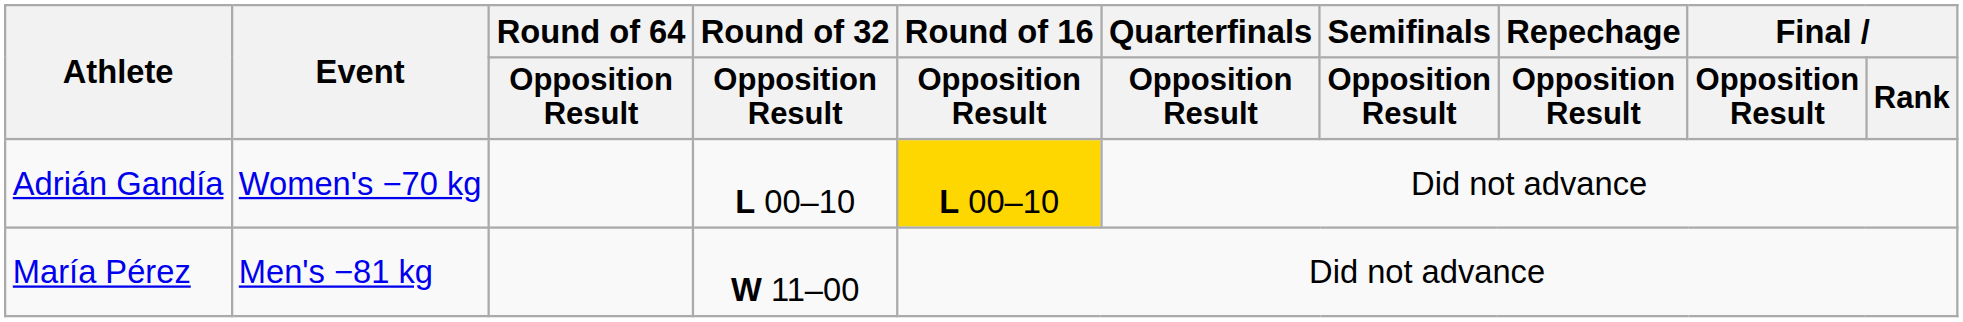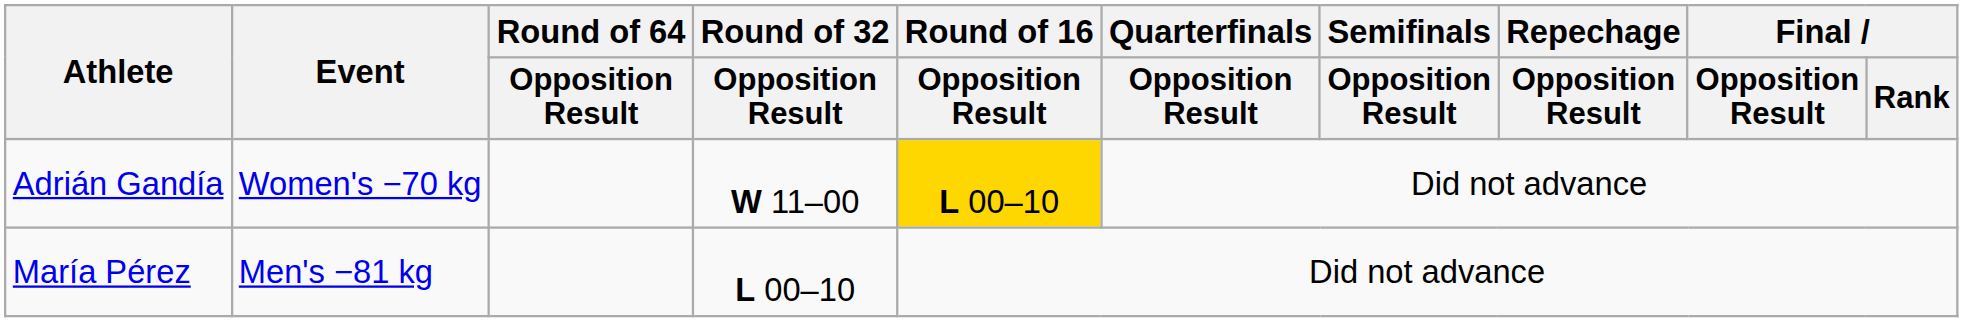 <table class=wikitable style="font-size:90%;text-align:center">
 <tr>
 <th rowspan=2>Athlete</th>
 <th rowspan=2>Event</th>
 <th>Round of 64</th>
 <th>Round of 32</th>
 <th>Round of 16</th>
 <th>Quarterfinals</th>
 <th>Semifinals</th>
 <th>Repechage</th>
 <th colspan=2>Final / </th>
 </tr>
 <tr style=font-size:95%>
 <th>Opposition<br>Result</th>
 <th>Opposition<br>Result</th>
 <th>Opposition<br>Result</th>
 <th>Opposition<br>Result</th>
 <th>Opposition<br>Result</th>
 <th>Opposition<br>Result</th>
 <th>Opposition<br>Result</th>
 <th>Rank</th>
 </tr>
 <tr>
 <td align=left><a href='#'>Adrián Gandía</a></td>
 <td align=left><a href='#'>Women's −70 kg</a></td>
 <td></td>
-<td><br><strong>L</strong> 00–10</td>
+<td><br><strong>W</strong> 11–00</td>
 <td style="background: gold;"><br><strong>L</strong> 00–10</td>
 <td colspan=6>Did not advance</td>
 </tr>
 <tr>
 <td align=left><a href='#'>María Pérez</a></td>
 <td align=left><a href='#'>Men's −81 kg</a></td>
 <td></td>
-<td><br><strong>W</strong> 11–00</td>
+<td><br><strong>L</strong> 00–10</td>
 <td colspan=8>Did not advance</td>
 </tr>
 </table>
